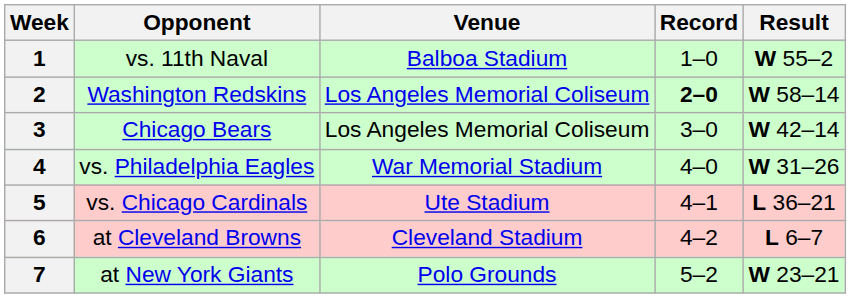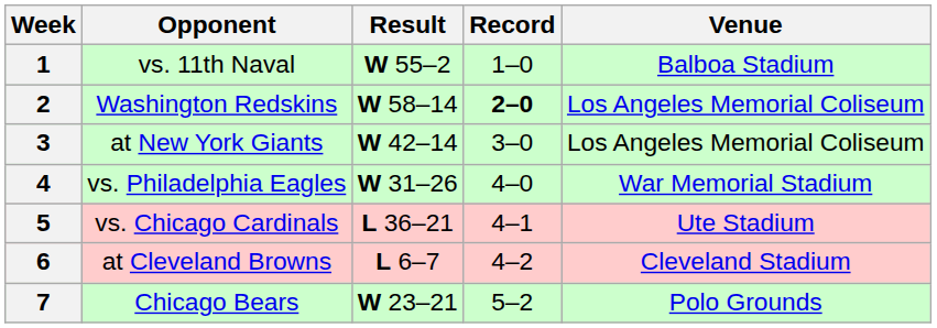 <table class="wikitable" style="text-align:center">
 <tr>
 <th>Week</th>
 <th>Opponent</th>
+<th>Result</th>
+<th>Record</th>
 <th>Venue</th>
-<th>Record</th>
-<th>Result</th>
 </tr>
 <tr align="center" bgcolor="#cfc">
 <th>1</th>
 <td>vs. 11th Naval</td>
+<td><strong>W</strong> 55–2</td>
+<td>1–0</td>
 <td><a href='#'>Balboa Stadium</a></td>
-<td>1–0</td>
-<td><strong>W</strong> 55–2</td>
 </tr>
 <tr align="center" bgcolor="#cfc">
 <th>2</th>
 <td><a href='#'>Washington Redskins</a></td>
+<td><strong>W</strong> 58–14</td>
+<td><strong>2–0</strong></td>
 <td><a href='#'>Los Angeles Memorial Coliseum</a></td>
-<td><strong>2–0</strong></td>
-<td><strong>W</strong> 58–14</td>
 </tr>
 <tr align="center" bgcolor="#cfc">
 <th>3</th>
-<td><a href='#'>Chicago Bears</a></td>
+<td>at <a href='#'>New York Giants</a></td>
+<td><strong>W</strong> 42–14</td>
+<td>3–0</td>
 <td>Los Angeles Memorial Coliseum</td>
-<td>3–0</td>
-<td><strong>W</strong> 42–14</td>
 </tr>
 <tr align="center" bgcolor="#cfc">
 <th>4</th>
 <td>vs. <a href='#'>Philadelphia Eagles</a></td>
+<td><strong>W</strong> 31–26</td>
+<td>4–0</td>
 <td><a href='#'>War Memorial Stadium</a></td>
-<td>4–0</td>
-<td><strong>W</strong> 31–26</td>
 </tr>
 <tr align="center" bgcolor="#fcc">
 <th>5</th>
 <td>vs. <a href='#'>Chicago Cardinals</a></td>
+<td><strong>L</strong> 36–21</td>
+<td>4–1</td>
 <td><a href='#'>Ute Stadium</a></td>
-<td>4–1</td>
-<td><strong>L</strong> 36–21</td>
 </tr>
 <tr align="center" bgcolor="#fcc">
 <th>6</th>
 <td>at <a href='#'>Cleveland Browns</a></td>
+<td><strong>L</strong> 6–7</td>
+<td>4–2</td>
 <td><a href='#'>Cleveland Stadium</a></td>
-<td>4–2</td>
-<td><strong>L</strong> 6–7</td>
 </tr>
 <tr align="center" bgcolor="#cfc">
 <th>7</th>
-<td>at <a href='#'>New York Giants</a></td>
+<td><a href='#'>Chicago Bears</a></td>
+<td><strong>W</strong> 23–21</td>
+<td>5–2</td>
 <td><a href='#'>Polo Grounds</a></td>
-<td>5–2</td>
-<td><strong>W</strong> 23–21</td>
 </tr>
 </table>
